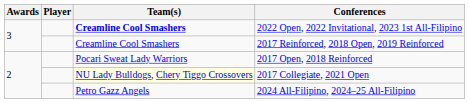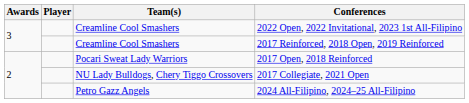 <table class="wikitable sortable">
 <tr>
 <th>Awards</th>
 <th>Player</th>
 <th class="unsortable">Team(s)</th>
 <th class="unsortable">Conferences</th>
 </tr>
 <tr>
 <td rowspan=2>3</td>
 <td> </td>
-<td><strong><a href='#'>Creamline Cool Smashers</a></strong></td>
+<td><a href='#'>Creamline Cool Smashers</a></td>
 <td><a href='#'>2022 Open</a>, <a href='#'>2022 Invitational</a>, <a href='#'>2023 1st All-Filipino</a></td>
 </tr>
 <tr>
 <td> </td>
 <td><a href='#'>Creamline Cool Smashers</a></td>
 <td><a href='#'>2017 Reinforced</a>, <a href='#'>2018 Open</a>, <a href='#'>2019 Reinforced</a></td>
 </tr>
 <tr>
 <td rowspan=3>2</td>
 <td> </td>
 <td><a href='#'>Pocari Sweat Lady Warriors</a></td>
 <td><a href='#'>2017 Open</a>, <a href='#'>2018 Reinforced</a></td>
 </tr>
 <tr>
 <td> </td>
-<td style="background: lightyellow;"><a href='#'>NU Lady Bulldogs</a>, <a href='#'>Chery Tiggo Crossovers</a></td>
+<td><a href='#'>NU Lady Bulldogs</a>, <a href='#'>Chery Tiggo Crossovers</a></td>
 <td><a href='#'>2017 Collegiate</a>, <a href='#'>2021 Open</a></td>
 </tr>
 <tr>
 <td>  </td>
 <td><a href='#'>Petro Gazz Angels</a></td>
 <td><a href='#'>2024 All-Filipino</a>, <a href='#'>2024–25 All-Filipino</a></td>
 </tr>
 </table>
